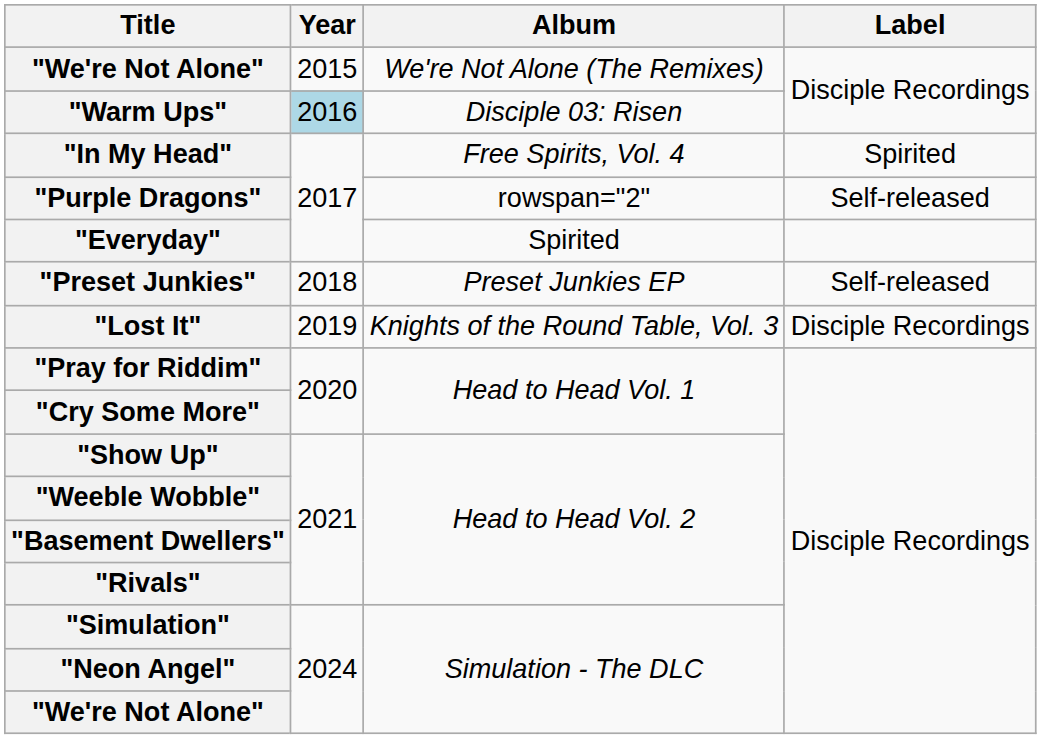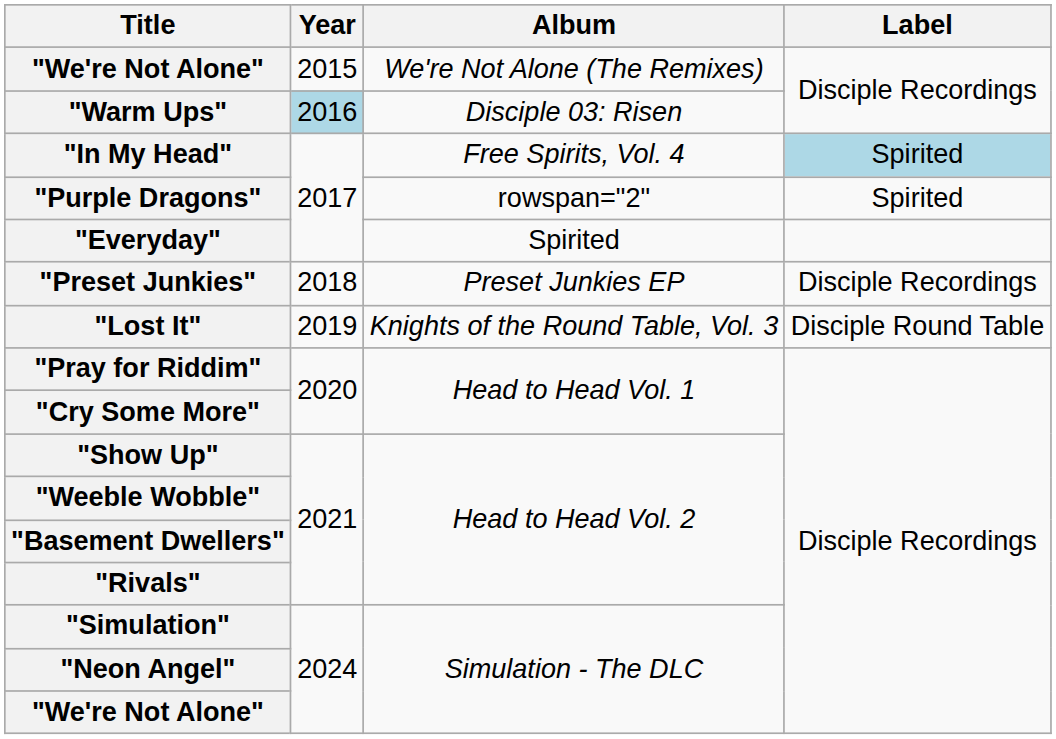 <table class="wikitable plainrowheaders" style="text-align:center;">
 <tr>
 <th scope="col">Title</th>
 <th scope="col">Year</th>
 <th scope="col">Album</th>
 <th scope="col">Label</th>
 </tr>
 <tr>
 <th scope="row">"We're Not Alone"</th>
 <td>2015</td>
 <td><em>We're Not Alone (The Remixes)</em></td>
 <td rowspan="2">Disciple Recordings</td>
 </tr>
 <tr>
 <th scope="row">"Warm Ups"</th>
 <td style="background: lightblue;">2016</td>
 <td><em>Disciple 03: Risen</em></td>
 </tr>
 <tr>
 <th scope="row">"In My Head" <br></th>
 <td rowspan="3">2017</td>
 <td><em>Free Spirits, Vol. 4</em></td>
-<td>Spirited</td>
+<td style="background: lightblue;">Spirited</td>
 </tr>
 <tr>
 <th scope="row">"Purple Dragons" <br></th>
 <td>rowspan="2" </td>
-<td>Self-released</td>
+<td>Spirited</td>
 </tr>
 <tr>
 <th scope="row">"Everyday" <br></th>
 <td>Spirited</td>
 </tr>
 <tr>
 <th scope="row">"Preset Junkies"</th>
 <td>2018</td>
 <td><em>Preset Junkies EP</em></td>
-<td>Self-released</td>
+<td>Disciple Recordings</td>
 </tr>
 <tr>
 <th scope="row">"Lost It" <br></th>
 <td>2019</td>
 <td><em>Knights of the Round Table, Vol. 3</em></td>
-<td>Disciple Recordings</td>
+<td>Disciple Round Table</td>
 </tr>
 <tr>
 <th scope="row">"Pray for Riddim"</th>
 <td rowspan="2">2020</td>
 <td rowspan="2"><em>Head to Head Vol. 1</em><br></td>
 <td rowspan="9">Disciple Recordings</td>
 </tr>
 <tr>
 <th scope="row">"Cry Some More"</th>
 </tr>
 <tr>
 <th scope="row">"Show Up" <br></th>
 <td rowspan="4">2021</td>
 <td rowspan="4"><em>Head to Head Vol. 2</em><br></td>
 </tr>
 <tr>
 <th scope="row">"Weeble Wobble"</th>
 </tr>
 <tr>
 <th scope="row">"Basement Dwellers"</th>
 </tr>
 <tr>
 <th scope="row">"Rivals" <br></th>
 </tr>
 <tr>
 <th scope="row">"Simulation"</th>
 <td rowspan="3">2024</td>
 <td rowspan="3"><em>Simulation - The DLC</em></td>
 </tr>
 <tr>
 <th scope="row">"Neon Angel"<br></th>
 </tr>
 <tr>
 <th scope="row">"We're Not Alone"</th>
 </tr>
 </table>
